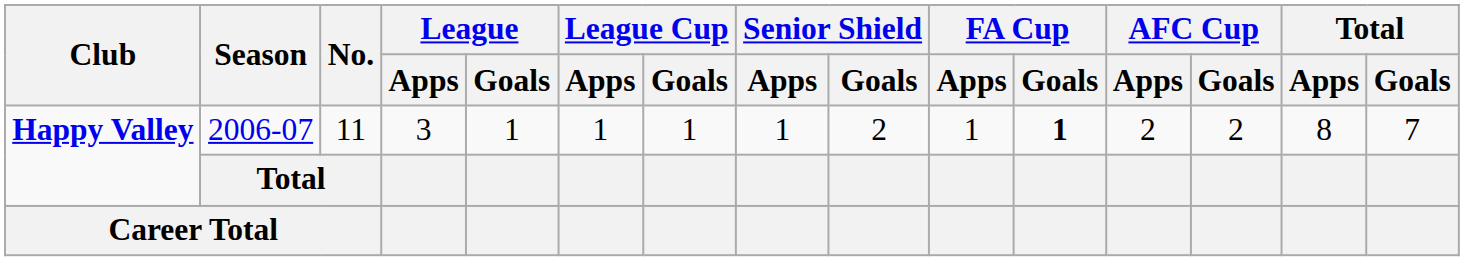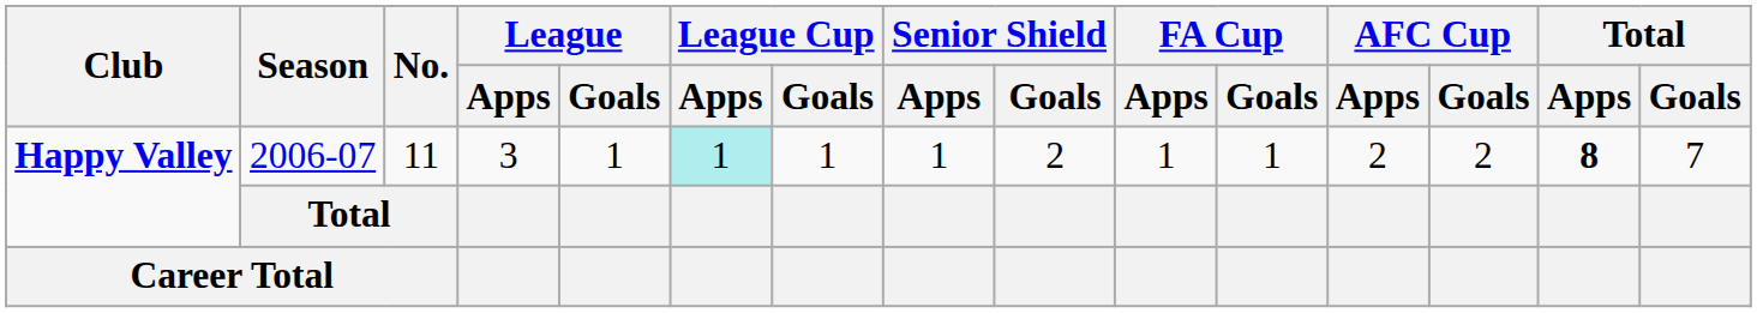 <table class="wikitable" style="text-align: center;">
 <tr>
 <th rowspan="2">Club</th>
 <th rowspan="2">Season</th>
 <th rowspan="2">No.</th>
 <th colspan="2"><a href='#'>League</a></th>
 <th colspan="2"><a href='#'>League Cup</a></th>
 <th colspan="2"><a href='#'>Senior Shield</a></th>
 <th colspan="2"><a href='#'>FA Cup</a></th>
 <th colspan="2"><a href='#'>AFC Cup</a></th>
 <th colspan="2">Total</th>
 </tr>
 <tr>
 <th>Apps</th>
 <th>Goals</th>
 <th>Apps</th>
 <th>Goals</th>
 <th>Apps</th>
 <th>Goals</th>
 <th>Apps</th>
 <th>Goals</th>
 <th>Apps</th>
 <th>Goals</th>
 <th>Apps</th>
 <th>Goals</th>
 </tr>
 <tr>
 <td rowspan="2" valign="top"><strong><a href='#'>Happy Valley</a></strong></td>
 <td><a href='#'>2006-07</a></td>
 <td>11</td>
 <td>3</td>
 <td>1</td>
-<td>1</td>
+<td style="background: paleturquoise;">1</td>
 <td>1</td>
 <td>1</td>
 <td>2</td>
 <td>1</td>
-<td><strong>1</strong></td>
+<td>1</td>
 <td>2</td>
 <td>2</td>
-<td>8</td>
+<td><strong>8</strong></td>
 <td>7</td>
 </tr>
 <tr>
 <th colspan="2">Total</th>
 <th></th>
 <th></th>
 <th></th>
 <th></th>
 <th></th>
 <th></th>
 <th></th>
 <th></th>
 <th></th>
 <th></th>
 <th></th>
 <th></th>
 </tr>
 <tr>
 <th colspan="3">Career Total</th>
 <th></th>
 <th></th>
 <th></th>
 <th></th>
 <th></th>
 <th></th>
 <th></th>
 <th></th>
 <th></th>
 <th></th>
 <th></th>
 <th></th>
 </tr>
 </table>
